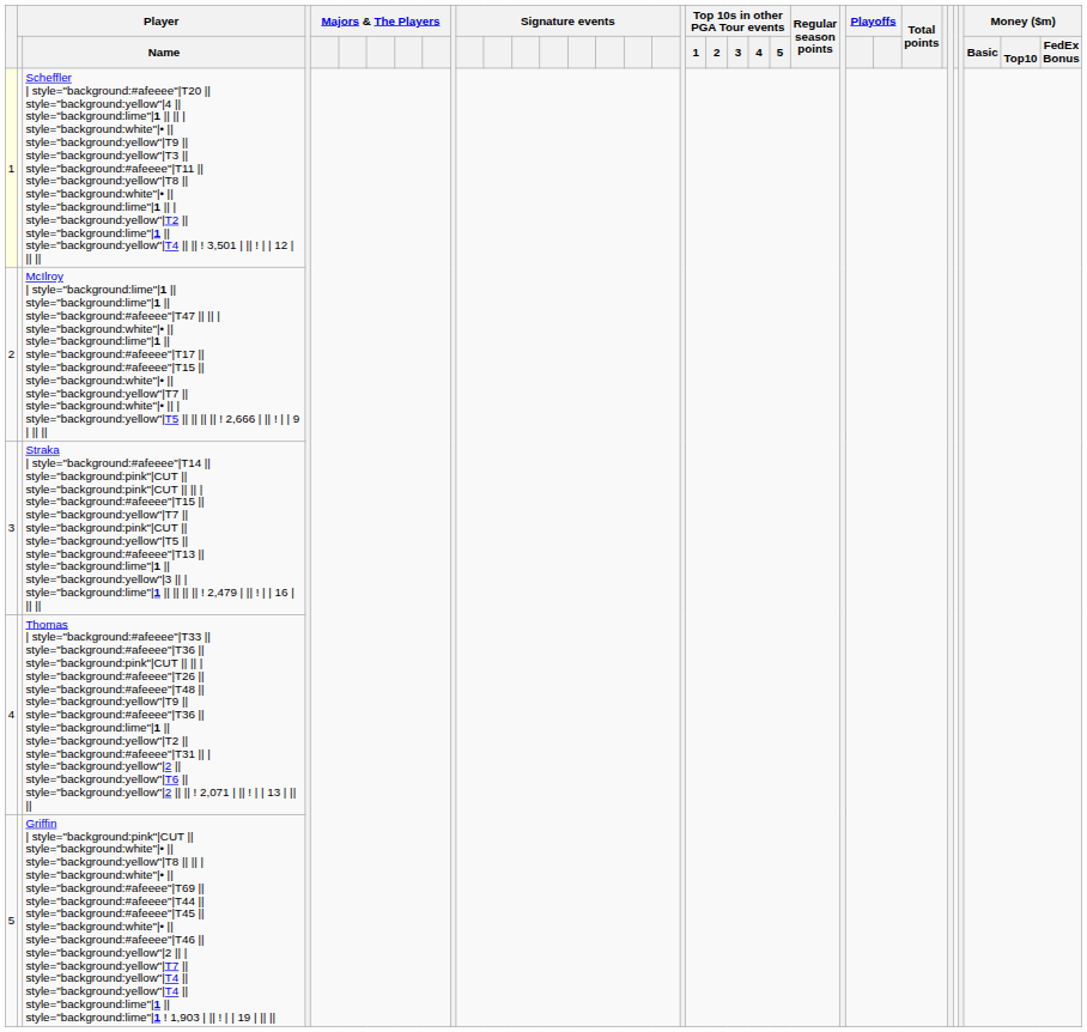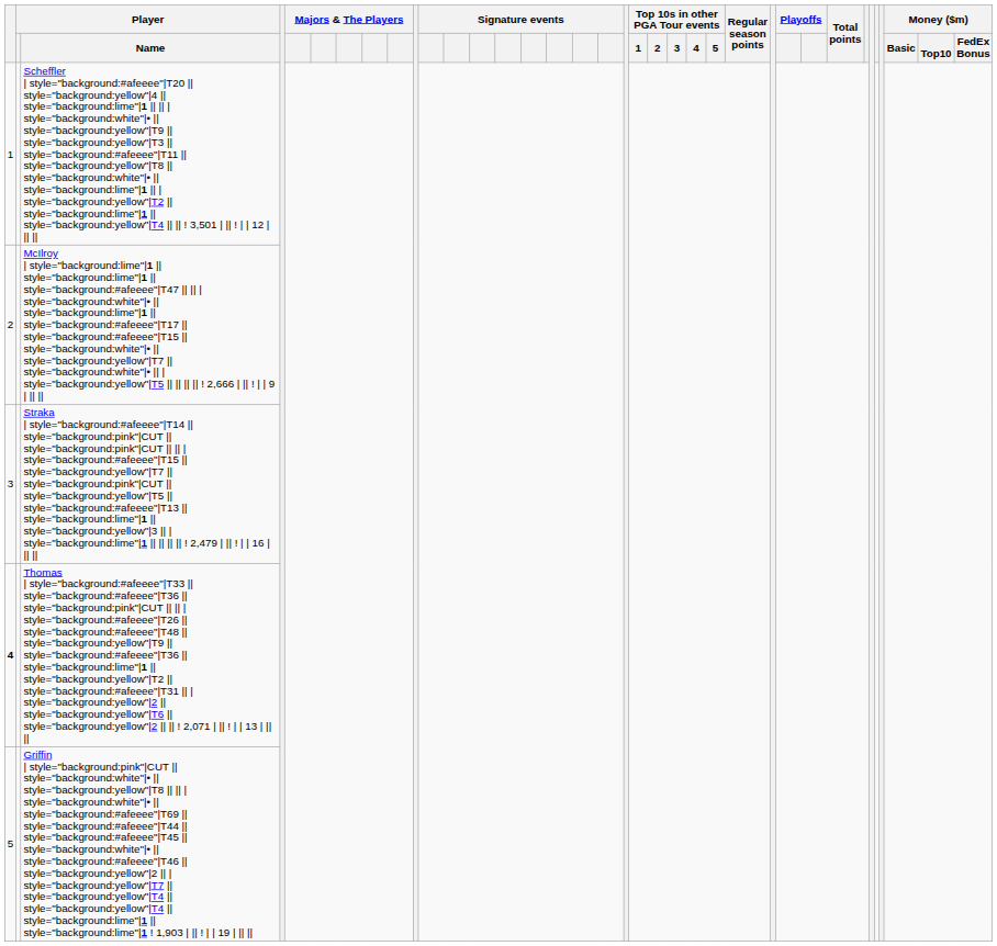 <table class="wikitable" style="font-size:85%;text-align:center">
 <tr>
 <th rowspan=2></th>
 <th colspan=2>Player</th>
 <th rowspan=7></th>
 <th colspan=5><a href='#'>Majors</a> & <a href='#'>The Players</a></th>
 <th rowspan=7></th>
 <th colspan=8>Signature events</th>
 <th rowspan=7></th>
 <th colspan="5">Top 10s in other PGA Tour events</th>
 <th rowspan=2>Regular<br>season<br>points</th>
 <th rowspan=7></th>
 <th colspan=2><a href='#'>Playoffs</a></th>
 <th rowspan=2>Total<br>points</th>
 <th rowspan=2></th>
 <th rowspan=7></th>
 <th rowspan=2></th>
 <th rowspan=7></th>
 <th colspan=3>Money ($m)</th>
 </tr>
 <tr>
 <th></th>
 <th>Name</th>
 <th style="width:26px;"></th>
 <th style="width:26px;"></th>
 <th style="width:26px;"></th>
 <th style="width:26px;"></th>
 <th style="width:26px;"></th>
 <th style="width:26px;"></th>
 <th style="width:26px;"></th>
 <th style="width:26px;"></th>
 <th style="width:26px;"></th>
 <th style="width:26px;"></th>
 <th style="width:26px;"></th>
 <th style="width:26px;"></th>
 <th style="width:26px;"></th>
 <th style="width:18px;">1</th>
 <th style="width:18px;">2</th>
 <th style="width:18px;">3</th>
 <th style="width:18px;">4</th>
 <th style="width:18px;">5</th>
 <th style="width:26px;"></th>
 <th style="width:26px;"></th>
 <th style="width:28px;">Basic</th>
 <th style="width:28px;"><br>Top10</th>
 <th style="width:28px;">FedEx<br>Bonus</th>
 </tr>
 <tr>
-<td style="background: lightyellow;">1</td>
+<td>1</td>
 <td></td>
 <td style="text-align:left"><a href='#'>Scheffler</a><br>| style="background:#afeeee"|T20 || style="background:yellow"|4 || style="background:lime"|<strong>1</strong> ||  ||  | style="background:white"|•  || style="background:yellow"|T9 || style="background:yellow"|T3 || style="background:#afeeee"|T11 || style="background:yellow"|T8 || style="background:white"|•  || style="background:lime"|<strong>1</strong> ||  | style="background:yellow"|<a href='#'>T2</a> || style="background:lime"|<a href='#'><strong>1</strong></a> || style="background:yellow"|<a href='#'>T4</a> ||  ||  ! 3,501 | ||  ! | | 12 | || ||</td>
 </tr>
 <tr>
 <td>2</td>
 <td></td>
 <td style="text-align:left"><a href='#'>McIlroy</a><br>| style="background:lime"|<strong>1</strong> || style="background:lime"|<strong>1</strong> || style="background:#afeeee"|T47 ||  ||  | style="background:white"|•  || style="background:lime"|<strong>1</strong> || style="background:#afeeee"|T17 || style="background:#afeeee"|T15 || style="background:white"|•  || style="background:yellow"|T7 || style="background:white"|•  ||  | style="background:yellow"|<a href='#'>T5</a> ||  ||  ||  ||  ! 2,666 | ||  ! | | 9 | || ||</td>
 </tr>
 <tr>
 <td>3</td>
 <td></td>
 <td style="text-align:left"><a href='#'>Straka</a><br>| style="background:#afeeee"|T14 || style="background:pink"|CUT || style="background:pink"|CUT ||  ||  | style="background:#afeeee"|T15 || style="background:yellow"|T7 || style="background:pink"|CUT || style="background:yellow"|T5 || style="background:#afeeee"|T13 || style="background:lime"|<strong>1</strong> || style="background:yellow"|3 ||  | style="background:lime"|<a href='#'><strong>1</strong></a> ||  ||  ||  ||  ! 2,479 | ||  ! | | 16 | || ||</td>
 </tr>
 <tr>
-<td>4</td>
+<td><strong>4</strong></td>
 <td></td>
 <td style="text-align:left"><a href='#'>Thomas</a><br>| style="background:#afeeee"|T33 || style="background:#afeeee"|T36 || style="background:pink"|CUT ||  ||  | style="background:#afeeee"|T26 || style="background:#afeeee"|T48 || style="background:yellow"|T9 || style="background:#afeeee"|T36 || style="background:lime"|<strong>1</strong> || style="background:yellow"|T2 || style="background:#afeeee"|T31 ||  | style="background:yellow"|<a href='#'>2</a> || style="background:yellow"|<a href='#'>T6</a> || style="background:yellow"|<a href='#'>2</a> ||  ||  ! 2,071 | ||  ! | | 13 | || ||</td>
 </tr>
 <tr>
 <td>5</td>
 <td></td>
 <td style="text-align:left"><a href='#'>Griffin</a><br>| style="background:pink"|CUT || style="background:white"|•  || style="background:yellow"|T8 ||  ||  | style="background:white"|•  || style="background:#afeeee"|T69 || style="background:#afeeee"|T44 || style="background:#afeeee"|T45 || style="background:white"|•  || style="background:#afeeee"|T46 || style="background:yellow"|2 ||  | style="background:yellow"|<a href='#'>T7</a> || style="background:yellow"|<a href='#'>T4</a> || style="background:yellow"|<a href='#'>T4</a> || style="background:lime"|<a href='#'><strong>1</strong></a> || style="background:lime"|<a href='#'><strong>1</strong></a> ! 1,903 | ||  ! | | 19 | || ||</td>
 </tr>
 </table>
